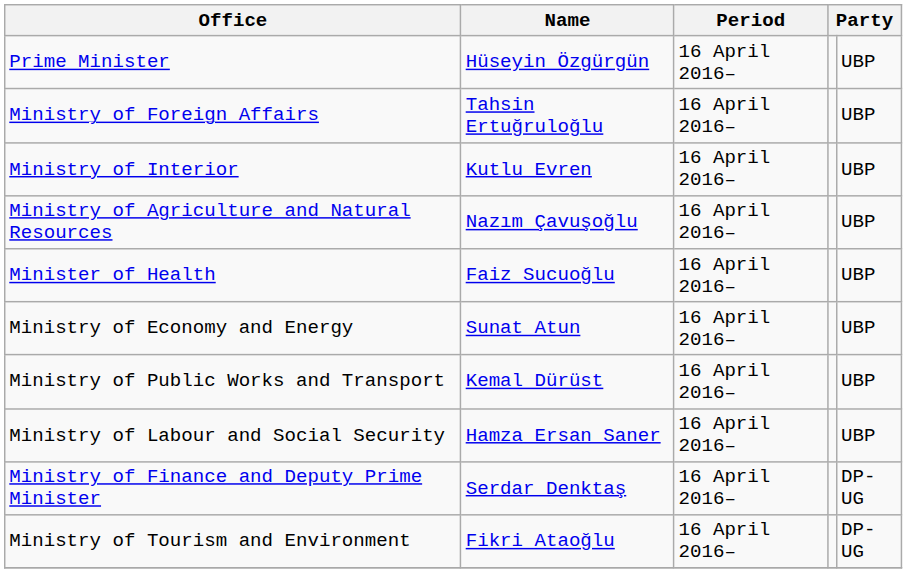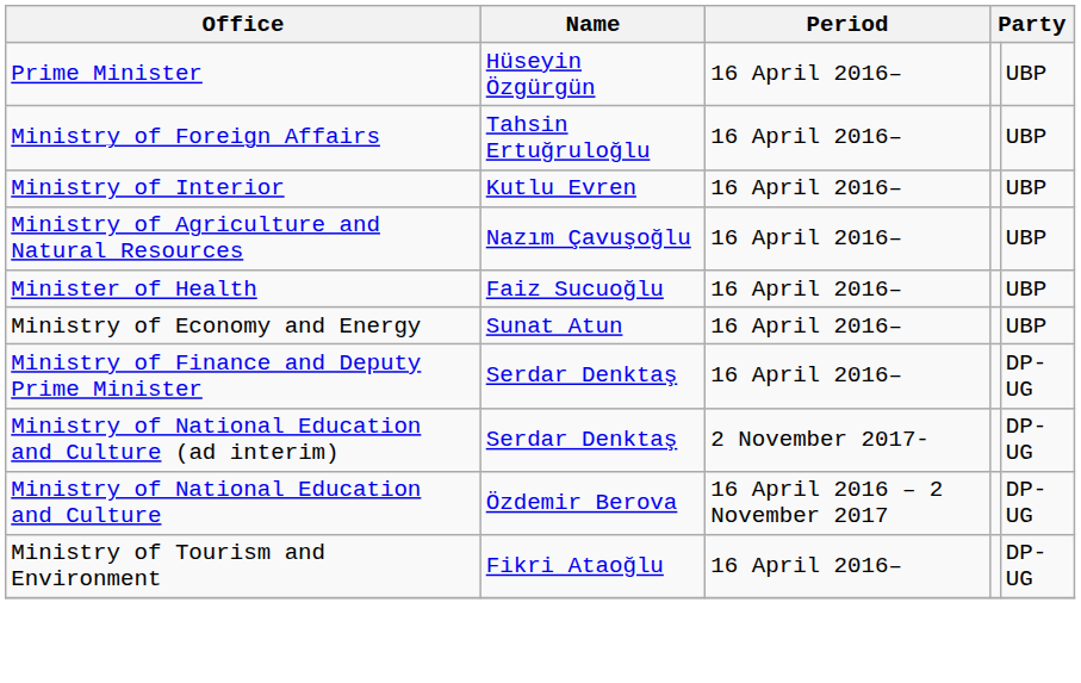 <table class="wikitable">
 <tr>
 <th>Office</th>
 <th>Name</th>
 <th>Period</th>
 <th colspan="2">Party</th>
 </tr>
 <tr>
 <td><a href='#'>Prime Minister</a></td>
 <td><a href='#'>Hüseyin Özgürgün</a></td>
 <td>16 April 2016–</td>
 <td style="background-color:"></td>
 <td>UBP</td>
 </tr>
 <tr>
 <td><a href='#'>Ministry of Foreign Affairs</a></td>
 <td><a href='#'>Tahsin Ertuğruloğlu</a></td>
 <td>16 April 2016–</td>
 <td style="background-color:"></td>
 <td>UBP</td>
 </tr>
 <tr>
 <td><a href='#'>Ministry of Interior</a></td>
 <td><a href='#'>Kutlu Evren</a></td>
 <td>16 April 2016–</td>
 <td style="background-color:"></td>
 <td>UBP</td>
 </tr>
 <tr>
 <td><a href='#'>Ministry of Agriculture and Natural Resources</a></td>
 <td><a href='#'>Nazım Çavuşoğlu</a></td>
 <td>16 April 2016–</td>
 <td style="background-color:"></td>
 <td>UBP</td>
 </tr>
 <tr>
 <td><a href='#'>Minister of Health</a></td>
 <td><a href='#'>Faiz Sucuoğlu</a></td>
 <td>16 April 2016–</td>
 <td style="background-color:"></td>
 <td>UBP</td>
 </tr>
 <tr>
 <td>Ministry of Economy and Energy</td>
 <td><a href='#'>Sunat Atun</a></td>
 <td>16 April 2016–</td>
 <td style="background-color:"></td>
 <td>UBP</td>
 </tr>
 <tr>
-<td>Ministry of Public Works and Transport</td>
-<td><a href='#'>Kemal Dürüst</a></td>
-<td>16 April 2016–</td>
-<td style="background-color:"></td>
-<td>UBP</td>
-</tr>
-<tr>
-<td>Ministry of Labour and Social Security</td>
-<td><a href='#'>Hamza Ersan Saner</a></td>
-<td>16 April 2016–</td>
-<td style="background-color:"></td>
-<td>UBP</td>
-</tr>
-<tr>
 <td><a href='#'>Ministry of Finance and Deputy Prime Minister</a></td>
 <td><a href='#'>Serdar Denktaş</a></td>
 <td>16 April 2016–</td>
 <td style="background-color: "></td>
+<td>DP-UG</td>
+</tr>
+<tr>
+<td><a href='#'>Ministry of National Education and Culture</a> (ad interim)</td>
+<td><a href='#'>Serdar Denktaş</a></td>
+<td>2 November 2017-</td>
+<td style="background-color:"></td>
+<td>DP-UG</td>
+</tr>
+<tr>
+<td><a href='#'>Ministry of National Education and Culture</a></td>
+<td><a href='#'>Özdemir Berova</a></td>
+<td>16 April 2016 – 2 November 2017</td>
+<td style="background-color:"></td>
 <td>DP-UG</td>
 </tr>
 <tr>
 <td>Ministry of Tourism and Environment</td>
 <td><a href='#'>Fikri Ataoğlu</a></td>
 <td>16 April 2016–</td>
 <td style="background-color:"></td>
 <td>DP-UG</td>
 </tr>
 <tr>
 </tr>
 </table>
